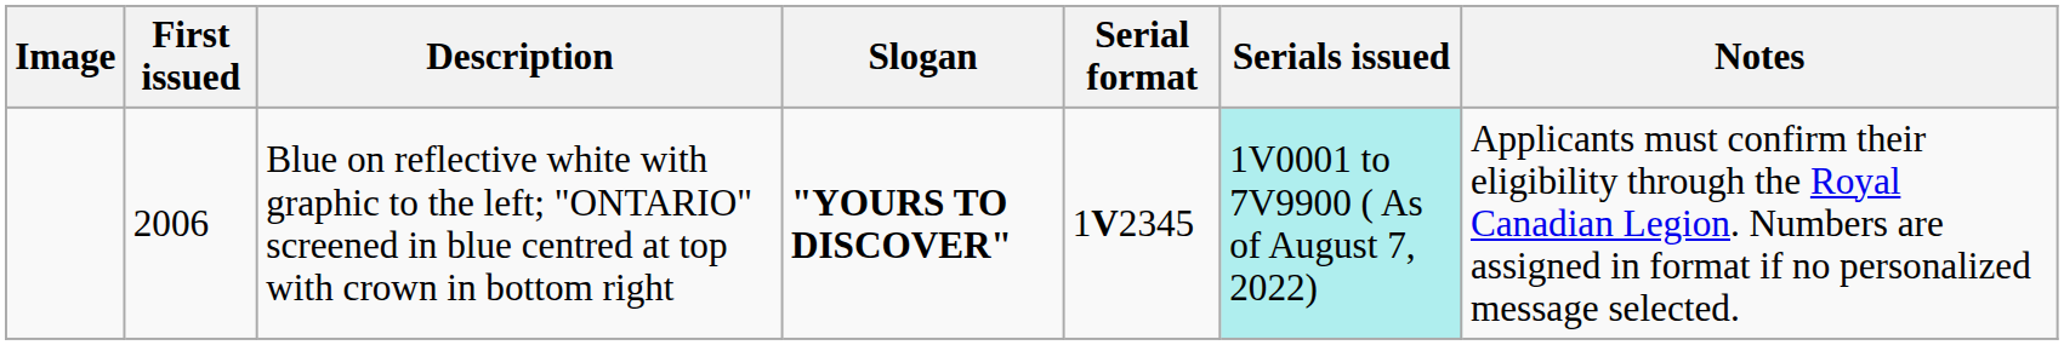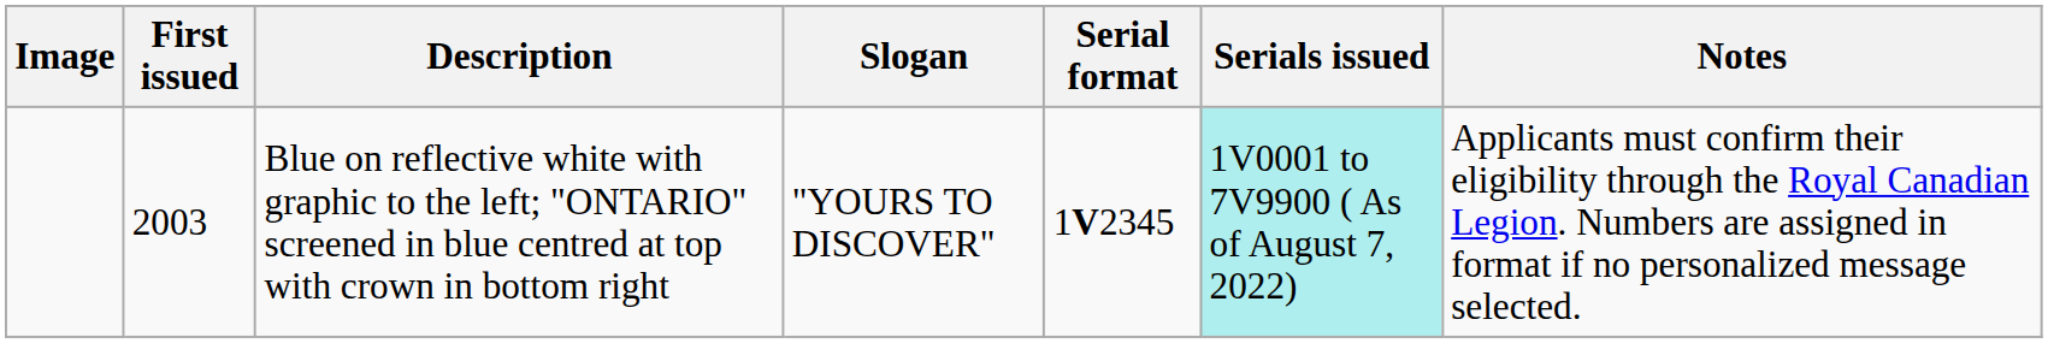 <table class="wikitable">
 <tr>
 <th>Image</th>
 <th>First issued</th>
 <th>Description</th>
 <th>Slogan</th>
 <th>Serial format</th>
 <th>Serials issued</th>
 <th>Notes</th>
 </tr>
 <tr>
 <td></td>
-<td>2006</td>
+<td>2003</td>
 <td>Blue on reflective white with graphic to the left; "ONTARIO" screened in blue centred at top with crown in bottom right</td>
-<td><strong>"YOURS TO DISCOVER"</strong></td>
+<td>"YOURS TO DISCOVER"</td>
 <td>1<strong>V</strong>2345</td>
 <td style="background: paleturquoise;">1V0001 to 7V9900 ( As of August 7, 2022)</td>
 <td>Applicants must confirm their eligibility through the <a href='#'>Royal Canadian Legion</a>. Numbers are assigned in  format if no personalized message selected.</td>
 </tr>
 </table>
